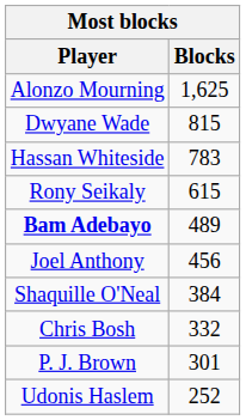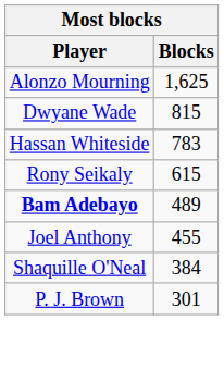 <table class="wikitable sortable" style="text-align:center;">
 <tr>
 <th colspan="2">Most blocks</th>
 </tr>
 <tr>
 <th>Player</th>
 <th>Blocks</th>
 </tr>
 <tr>
 <td><a href='#'>Alonzo Mourning</a></td>
 <td>1,625</td>
 </tr>
 <tr>
 <td><a href='#'>Dwyane Wade</a></td>
 <td>815</td>
 </tr>
 <tr>
 <td><a href='#'>Hassan Whiteside</a></td>
 <td>783</td>
 </tr>
 <tr>
 <td><a href='#'>Rony Seikaly</a></td>
 <td>615</td>
 </tr>
 <tr>
 <td><strong><a href='#'>Bam Adebayo</a></strong></td>
 <td>489</td>
 </tr>
 <tr>
 <td><a href='#'>Joel Anthony</a></td>
-<td>456</td>
+<td>455</td>
 </tr>
 <tr>
 <td><a href='#'>Shaquille O'Neal</a></td>
 <td>384</td>
 </tr>
 <tr>
-<td><a href='#'>Chris Bosh</a></td>
-<td>332</td>
-</tr>
-<tr>
 <td><a href='#'>P. J. Brown</a></td>
 <td>301</td>
 </tr>
-<tr>
-<td><a href='#'>Udonis Haslem</a></td>
-<td>252</td>
-</tr>
 </table>
